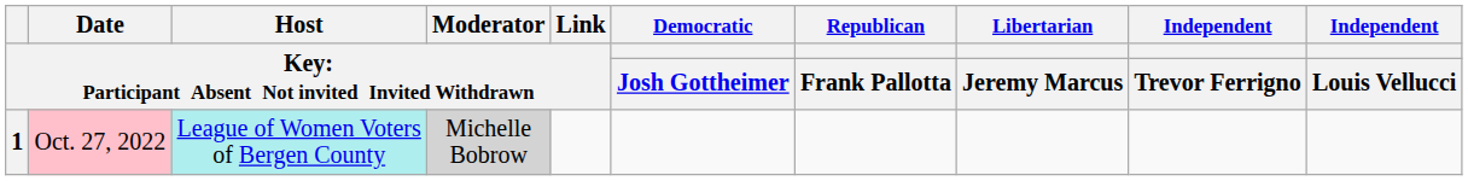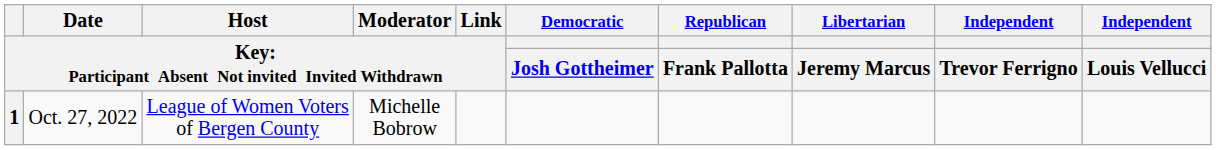 <table class="wikitable" style="text-align:center;">
 <tr>
 <th scope="col"></th>
 <th scope="col">Date</th>
 <th scope="col">Host</th>
 <th scope="col">Moderator</th>
 <th scope="col">Link</th>
 <th scope="col"><small><a href='#'>Democratic</a></small></th>
 <th scope="col"><small><a href='#'>Republican</a></small></th>
 <th scope="col"><small><a href='#'>Libertarian</a></small></th>
 <th scope="col"><small><a href='#'>Independent</a></small></th>
 <th scope="col"><small><a href='#'>Independent</a></small></th>
 </tr>
 <tr>
 <th colspan="5" rowspan="2">Key:<br> <small>Participant </small>  <small>Absent </small>  <small>Not invited </small>  <small>Invited  Withdrawn</small></th>
 <th scope="col" style="background:"></th>
 <th scope="col" style="background:"></th>
 <th scope="col" style="background:"></th>
 <th scope="col" style="background:"></th>
 <th scope="col" style="background:"></th>
 </tr>
 <tr>
 <th scope="col"><a href='#'>Josh Gottheimer</a></th>
 <th scope="col">Frank Pallotta</th>
 <th scope="col">Jeremy Marcus</th>
 <th scope="col">Trevor Ferrigno</th>
 <th scope="col">Louis Vellucci</th>
 </tr>
 <tr>
 <th>1</th>
-<td style="background: pink; white-space:nowrap;">Oct. 27, 2022</td>
-<td style="background: paleturquoise; white-space:nowrap;"><a href='#'>League of Women Voters</a><br>of <a href='#'>Bergen County</a></td>
-<td style="background: lightgrey; white-space:nowrap;">Michelle<br>Bobrow</td>
+<td style="white-space:nowrap;">Oct. 27, 2022</td>
+<td style="white-space:nowrap;"><a href='#'>League of Women Voters</a><br>of <a href='#'>Bergen County</a></td>
+<td style="white-space:nowrap;">Michelle<br>Bobrow</td>
 <td style="white-space:nowrap;"></td>
 <td></td>
 <td></td>
 <td></td>
 <td></td>
 <td></td>
 </tr>
 </table>
